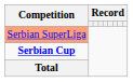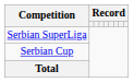 <table class="wikitable" style="text-align: center">
 <tr>
 <th rowspan="2">Competition</th>
 <th colspan="8">Record</th>
 </tr>
 <tr>
 <th></th>
 <th></th>
 <th></th>
 <th></th>
 <th></th>
 <th></th>
 <th></th>
 <th></th>
 </tr>
 <tr>
-<td style="background: lightsalmon;"><a href='#'>Serbian SuperLiga</a><br></td>
+<td><a href='#'>Serbian SuperLiga</a><br></td>
 </tr>
 <tr>
-<td><strong><a href='#'>Serbian Cup</a><br></strong></td>
+<td><a href='#'>Serbian Cup</a><br></td>
 </tr>
 <tr>
 <th>Total<br></th>
 </tr>
 </table>
